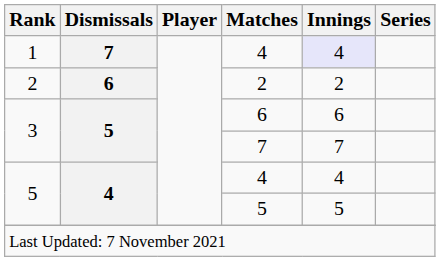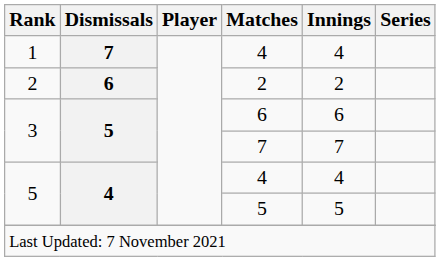 <table class="wikitable plainrowheaders sortable">
 <tr>
 <th scope=col>Rank</th>
 <th scope=col>Dismissals</th>
 <th scope=col>Player</th>
 <th scope=col>Matches</th>
 <th scope=col>Innings</th>
 <th scope=col>Series</th>
 </tr>
 <tr>
 <td align=center>1</td>
 <th scope=row style=text-align:center;>7</th>
 <td rowspan=6></td>
 <td align=center>4</td>
-<td align=center style="background: lavender;">4</td>
+<td align=center>4</td>
 <td></td>
 </tr>
 <tr>
 <td align=center>2</td>
 <th scope=row style=text-align:center;>6</th>
 <td align=center>2</td>
 <td align=center>2</td>
 <td></td>
 </tr>
 <tr>
 <td align=center rowspan=2>3</td>
 <th scope=row style=text-align:center; rowspan=2>5</th>
 <td align=center>6</td>
 <td align=center>6</td>
 <td></td>
 </tr>
 <tr>
 <td align=center>7</td>
 <td align=center>7</td>
 <td></td>
 </tr>
 <tr>
 <td align=center rowspan=2>5</td>
 <th scope=row style=text-align:center; rowspan=2>4</th>
 <td align=center>4</td>
 <td align=center>4</td>
 <td></td>
 </tr>
 <tr>
 <td align=center>5</td>
 <td align=center>5</td>
 <td></td>
 </tr>
 <tr>
 </tr>
 <tr class=sortbottom>
 <td colspan=6><small>Last Updated: 7 November 2021</small></td>
 </tr>
 </table>
